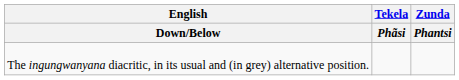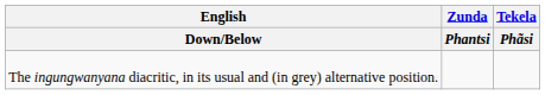 <table class="wikitable" style="text-align: center">
 <tr>
 <th>English</th>
+<th><a href='#'>Zunda</a></th>
 <th><a href='#'>Tekela</a></th>
-<th><a href='#'>Zunda</a></th>
 </tr>
 <tr>
 <th>Down/Below</th>
+<th><em>Phantsi<br></em></th>
 <th><em>Phãsi<br></em></th>
-<th><em>Phantsi<br></em></th>
 </tr>
 <tr>
 <td><br>The <em>ingungwanyana</em> diacritic, in its usual and (in grey) alternative position.</td>
 <td></td>
 <td></td>
 </tr>
 </table>
